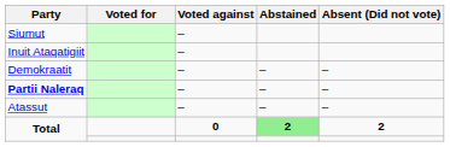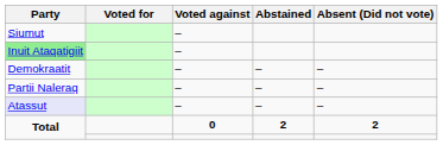 <table class="wikitable">
 <tr>
 <th>Party</th>
 <th style="width:20%;">Voted for</th>
 <th>Voted against</th>
 <th>Abstained</th>
 <th>Absent (Did not vote)</th>
 </tr>
 <tr>
 <td> <a href='#'>Siumut</a></td>
 <td style="background-color:#CCFFCC;"></td>
 <td>–</td>
 <td></td>
 <td></td>
 </tr>
 <tr>
-<td> <a href='#'>Inuit Ataqatigiit</a></td>
+<td style="background: lightgreen;"> <a href='#'>Inuit Ataqatigiit</a></td>
 <td style="background-color:#CCFFCC;"></td>
 <td>–</td>
 <td></td>
 <td></td>
 </tr>
 <tr>
 <td> <a href='#'>Demokraatit</a></td>
 <td style="background-color:#CCFFCC;"></td>
 <td>–</td>
 <td>–</td>
 <td>–</td>
 </tr>
 <tr>
-<td><strong> <a href='#'>Partii Naleraq</a></strong></td>
+<td> <a href='#'>Partii Naleraq</a></td>
 <td style="background-color:#CCFFCC;"></td>
 <td>–</td>
 <td>–</td>
 <td>–</td>
 </tr>
 <tr>
-<td> <a href='#'>Atassut</a></td>
+<td style="background: lavender;"> <a href='#'>Atassut</a></td>
 <td style="background-color:#CCFFCC;"></td>
 <td>–</td>
 <td>–</td>
 <td>–</td>
 </tr>
 <tr>
 <td style="text-align:center;" rowspan="2"><strong>Total</strong></td>
 <td></td>
 <td style="text-align:center;"><strong>0</strong></td>
-<td style="background: lightgreen; text-align:center;"><strong>2</strong></td>
+<td style="text-align:center;"><strong>2</strong></td>
 <td style="text-align:center;"><strong>2</strong></td>
 </tr>
 <tr>
 <td style="text-align:center;"></td>
 <td style="text-align:center;"></td>
 <td style="text-align:center;"></td>
 <td style="text-align:center;"></td>
 </tr>
 </table>
